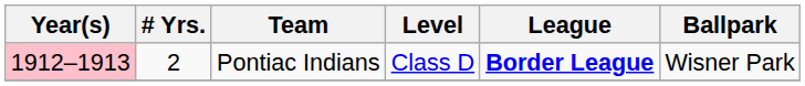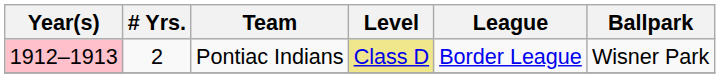 <table class="wikitable" style="text-align:center; font-size: 95%;">
 <tr>
 <th>Year(s)</th>
 <th># Yrs.</th>
 <th>Team</th>
 <th>Level</th>
 <th>League</th>
 <th>Ballpark</th>
 </tr>
 <tr>
 <td style="background: pink;">1912–1913</td>
 <td>2</td>
 <td>Pontiac Indians</td>
-<td><a href='#'>Class D</a></td>
-<td><strong><a href='#'>Border League</a></strong></td>
+<td style="background: khaki;"><a href='#'>Class D</a></td>
+<td><a href='#'>Border League</a></td>
 <td>Wisner Park</td>
 </tr>
 <tr>
 </tr>
 </table>
